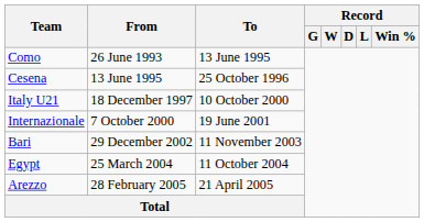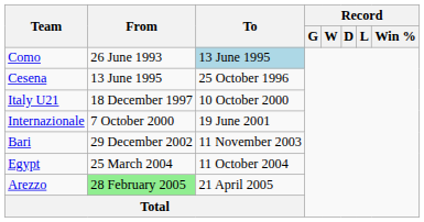 <table class="wikitable" style="text-align:center">
 <tr>
 <th rowspan="2">Team</th>
 <th rowspan="2">From</th>
 <th rowspan="2">To</th>
 <th colspan="5">Record</th>
 </tr>
 <tr>
 <th>G</th>
 <th>W</th>
 <th>D</th>
 <th>L</th>
 <th>Win %</th>
 </tr>
 <tr>
 <td align=left><a href='#'>Como</a></td>
 <td align=left>26 June 1993</td>
-<td align=left>13 June 1995<br></td>
+<td align=left style="background: lightblue;">13 June 1995<br></td>
 </tr>
 <tr>
 <td align=left><a href='#'>Cesena</a></td>
 <td align=left>13 June 1995</td>
 <td align=left>25 October 1996<br></td>
 </tr>
 <tr>
 <td align=left><a href='#'>Italy U21</a></td>
 <td align=left>18 December 1997</td>
 <td align=left>10 October 2000<br></td>
 </tr>
 <tr>
 <td align=left><a href='#'>Internazionale</a></td>
 <td align=left>7 October 2000</td>
 <td align=left>19 June 2001<br></td>
 </tr>
 <tr>
 <td align=left><a href='#'>Bari</a></td>
 <td align=left>29 December 2002</td>
 <td align=left>11 November 2003<br></td>
 </tr>
 <tr>
 <td align=left><a href='#'>Egypt</a></td>
 <td align=left>25 March 2004</td>
 <td align=left>11 October 2004<br></td>
 </tr>
 <tr>
 <td align=left><a href='#'>Arezzo</a></td>
-<td align=left>28 February 2005</td>
+<td align=left style="background: lightgreen;">28 February 2005</td>
 <td align=left>21 April 2005<br></td>
 </tr>
 <tr>
 <th colspan="3">Total<br></th>
 </tr>
 </table>
